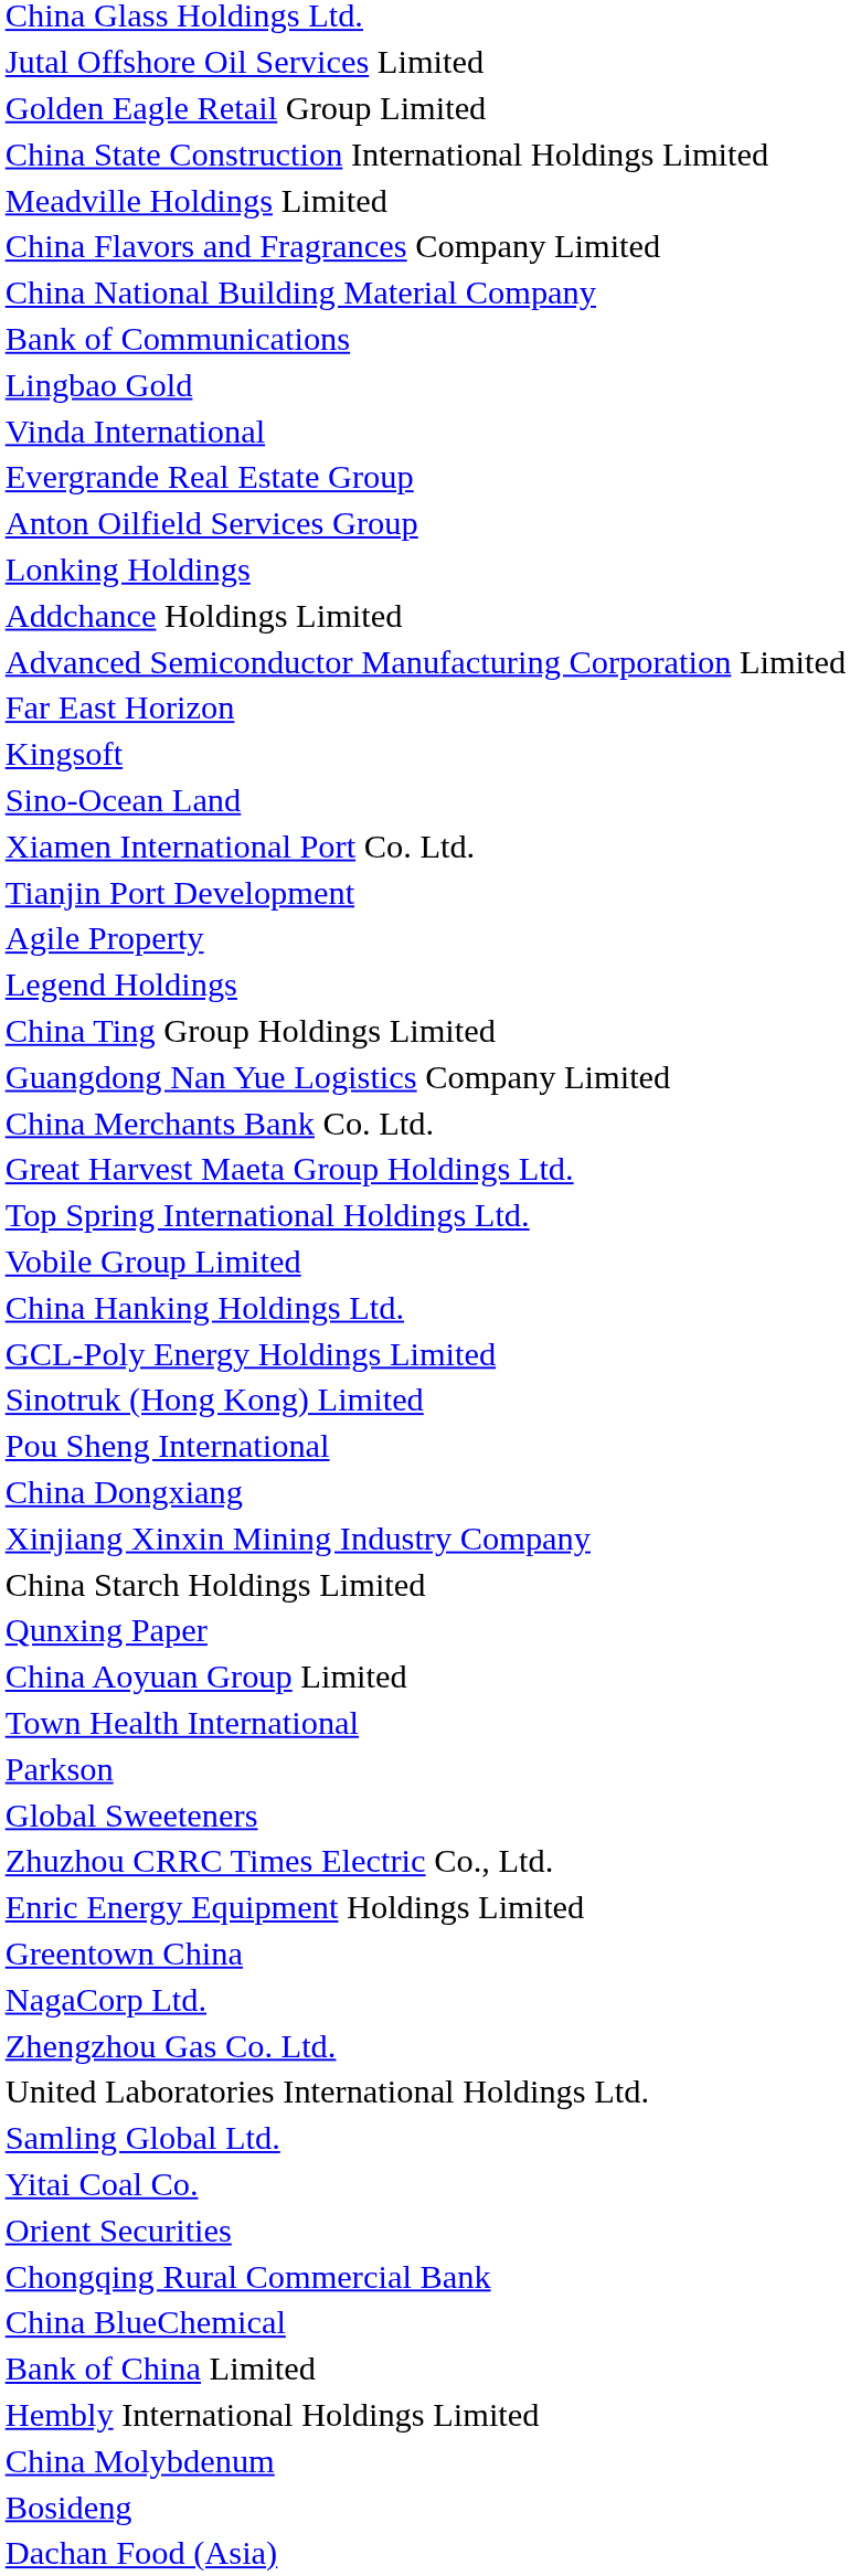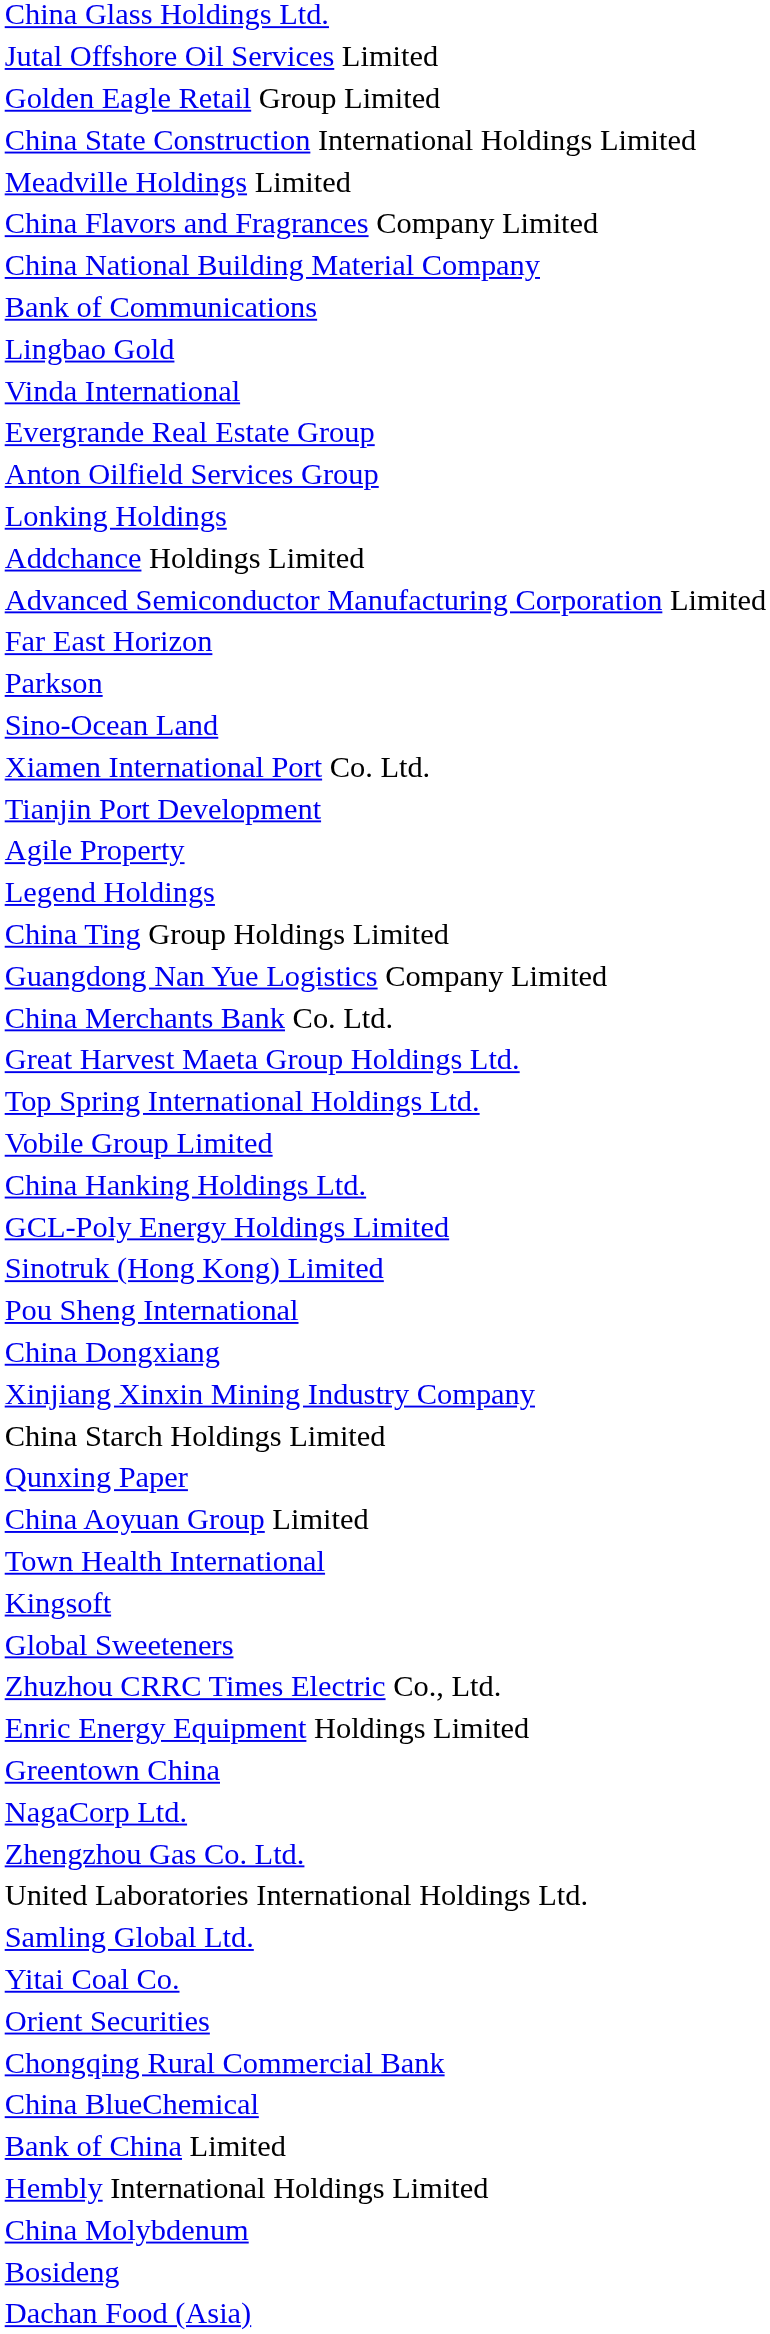 <table>
 <tr>
 <td> <a href='#'>China Glass Holdings Ltd.</a></td>
 </tr>
 <tr>
 <td> <a href='#'>Jutal Offshore Oil Services</a> Limited</td>
 </tr>
 <tr>
 <td> <a href='#'>Golden Eagle Retail</a> Group Limited</td>
 </tr>
 <tr>
 <td> <a href='#'>China State Construction</a> International Holdings Limited</td>
 </tr>
 <tr>
 <td> <a href='#'>Meadville Holdings</a> Limited</td>
 </tr>
 <tr>
 <td> <a href='#'>China Flavors and Fragrances</a> Company Limited</td>
 </tr>
 <tr>
 <td> <a href='#'>China National Building Material Company</a></td>
 </tr>
 <tr>
 <td> <a href='#'>Bank of Communications</a></td>
 </tr>
 <tr>
 <td> <a href='#'>Lingbao Gold</a></td>
 </tr>
 <tr>
 <td> <a href='#'>Vinda International</a></td>
 </tr>
 <tr>
 <td> <a href='#'>Evergrande Real Estate Group</a></td>
 </tr>
 <tr>
 <td> <a href='#'>Anton Oilfield Services Group</a></td>
 </tr>
 <tr>
 <td> <a href='#'>Lonking Holdings</a></td>
 </tr>
 <tr>
 <td> <a href='#'>Addchance</a> Holdings Limited</td>
 </tr>
 <tr>
 <td> <a href='#'>Advanced Semiconductor Manufacturing Corporation</a> Limited</td>
 </tr>
 <tr>
 <td> <a href='#'>Far East Horizon</a></td>
 </tr>
 <tr>
-<td> <a href='#'>Kingsoft</a></td>
+<td> <a href='#'>Parkson</a></td>
 </tr>
 <tr>
 <td> <a href='#'>Sino-Ocean Land</a></td>
 </tr>
 <tr>
 <td> <a href='#'>Xiamen International Port</a> Co. Ltd.</td>
 </tr>
 <tr>
 <td> <a href='#'>Tianjin Port Development</a></td>
 </tr>
 <tr>
 <td> <a href='#'>Agile Property</a></td>
 </tr>
 <tr>
 <td> <a href='#'>Legend Holdings</a></td>
 </tr>
 <tr>
 <td> <a href='#'>China Ting</a> Group Holdings Limited</td>
 </tr>
 <tr>
 <td> <a href='#'>Guangdong Nan Yue Logistics</a> Company Limited</td>
 </tr>
 <tr>
 <td> <a href='#'>China Merchants Bank</a> Co. Ltd.</td>
 </tr>
 <tr>
 <td> <a href='#'>Great Harvest Maeta Group Holdings Ltd.</a></td>
 </tr>
 <tr>
 <td> <a href='#'>Top Spring International Holdings Ltd.</a></td>
 </tr>
 <tr>
 <td> <a href='#'>Vobile Group Limited</a></td>
 </tr>
 <tr>
 <td> <a href='#'>China Hanking Holdings Ltd.</a></td>
 </tr>
 <tr>
 <td> <a href='#'>GCL-Poly Energy Holdings Limited</a></td>
 </tr>
 <tr>
 <td> <a href='#'>Sinotruk (Hong Kong) Limited</a></td>
 </tr>
 <tr>
 <td> <a href='#'>Pou Sheng International</a></td>
 </tr>
 <tr>
 <td> <a href='#'>China Dongxiang</a></td>
 </tr>
 <tr>
 <td> <a href='#'>Xinjiang Xinxin Mining Industry Company</a></td>
 </tr>
 <tr>
 <td> China Starch Holdings Limited</td>
 </tr>
 <tr>
 <td> <a href='#'>Qunxing Paper</a></td>
 </tr>
 <tr>
 <td> <a href='#'>China Aoyuan Group</a> Limited</td>
 </tr>
 <tr>
 <td> <a href='#'>Town Health International</a></td>
 </tr>
 <tr>
-<td> <a href='#'>Parkson</a></td>
+<td> <a href='#'>Kingsoft</a></td>
 </tr>
 <tr>
 <td> <a href='#'>Global Sweeteners</a></td>
 </tr>
 <tr>
 <td> <a href='#'>Zhuzhou CRRC Times Electric</a> Co., Ltd.</td>
 </tr>
 <tr>
 <td> <a href='#'>Enric Energy Equipment</a> Holdings Limited</td>
 </tr>
 <tr>
 <td> <a href='#'>Greentown China</a></td>
 </tr>
 <tr>
 <td> <a href='#'>NagaCorp Ltd.</a></td>
 </tr>
 <tr>
 <td> <a href='#'>Zhengzhou Gas Co. Ltd.</a></td>
 </tr>
 <tr>
 <td> United Laboratories International Holdings Ltd.</td>
 </tr>
 <tr>
 <td> <a href='#'>Samling Global Ltd.</a></td>
 </tr>
 <tr>
 <td> <a href='#'>Yitai Coal Co.</a></td>
 </tr>
 <tr>
 <td> <a href='#'>Orient Securities</a></td>
 </tr>
 <tr>
 <td> <a href='#'>Chongqing Rural Commercial Bank</a></td>
 </tr>
 <tr>
 <td> <a href='#'>China BlueChemical</a></td>
 </tr>
 <tr>
 <td> <a href='#'>Bank of China</a> Limited</td>
 </tr>
 <tr>
 <td> <a href='#'>Hembly</a> International Holdings Limited</td>
 </tr>
 <tr>
 <td> <a href='#'>China Molybdenum</a></td>
 </tr>
 <tr>
 <td> <a href='#'>Bosideng</a></td>
 </tr>
 <tr>
 <td> <a href='#'>Dachan Food (Asia)</a></td>
 </tr>
 </table>
